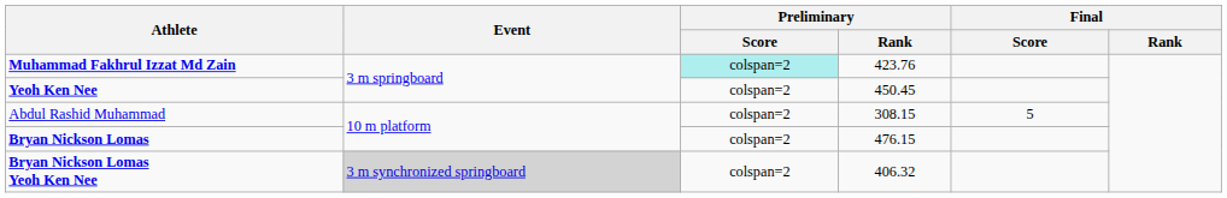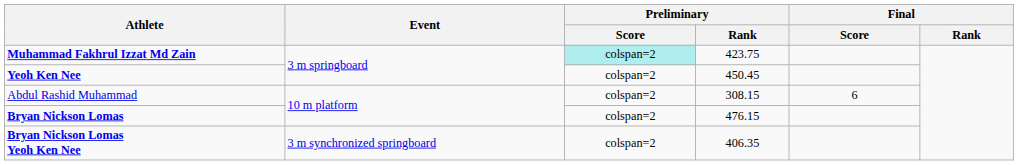 <table class="wikitable" width="75%" style="text-align:center; font-size:90%;">
 <tr>
 <th rowspan="2" width="15%">Athlete</th>
 <th rowspan="2" width="15%">Event</th>
 <th colspan="2" width="12%">Preliminary</th>
 <th colspan="2" width="12%">Final</th>
 </tr>
 <tr>
 <th width="7%">Score</th>
 <th>Rank</th>
 <th width="7%">Score</th>
 <th>Rank</th>
 </tr>
 <tr>
 <td align=left><strong><a href='#'>Muhammad Fakhrul Izzat Md Zain</a></strong></td>
 <td align=left rowspan=2><a href='#'>3 m springboard</a></td>
 <td style="background: paleturquoise;">colspan=2 </td>
-<td>423.76</td>
+<td>423.75</td>
 <td></td>
 </tr>
 <tr>
 <td align=left><strong><a href='#'>Yeoh Ken Nee</a></strong></td>
 <td>colspan=2 </td>
 <td>450.45</td>
 <td></td>
 </tr>
 <tr>
 <td align=left><a href='#'>Abdul Rashid Muhammad</a></td>
 <td align=left rowspan=2><a href='#'>10 m platform</a></td>
 <td>colspan=2 </td>
 <td>308.15</td>
-<td>5</td>
+<td>6</td>
 </tr>
 <tr>
 <td align=left><strong><a href='#'>Bryan Nickson Lomas</a></strong></td>
 <td>colspan=2 </td>
 <td>476.15</td>
 <td></td>
 </tr>
 <tr>
 <td align=left><strong><a href='#'>Bryan Nickson Lomas</a><br><a href='#'>Yeoh Ken Nee</a></strong></td>
-<td align=left style="background: lightgrey;"><a href='#'>3 m synchronized springboard</a></td>
+<td align=left><a href='#'>3 m synchronized springboard</a></td>
 <td>colspan=2 </td>
-<td>406.32</td>
+<td>406.35</td>
 <td></td>
 </tr>
 </table>
